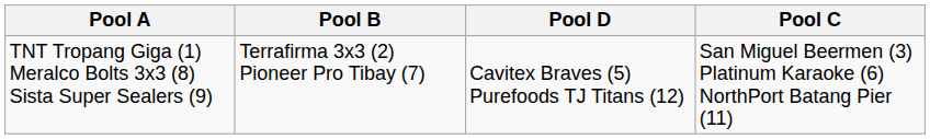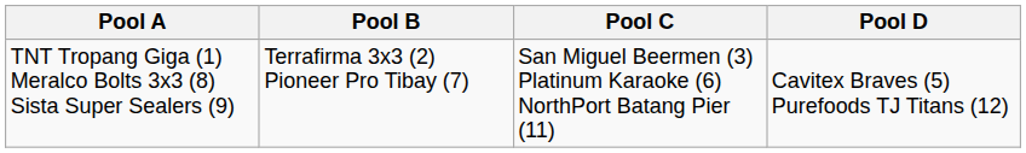 <table class=wikitable width=750>
 <tr>
 <th width=25%>Pool A</th>
 <th width=25%>Pool B</th>
+<th width=25%>Pool C</th>
 <th width=25%>Pool D</th>
-<th width=25%>Pool C</th>
 </tr>
 <tr valign=top>
 <td>TNT Tropang Giga (1) <br> Meralco Bolts 3x3 (8) <br> Sista Super Sealers (9) <br> </td>
 <td>Terrafirma 3x3 (2) <br> Pioneer Pro Tibay (7) <br> </td>
+<td>San Miguel Beermen  (3) <br> Platinum Karaoke (6) <br> NorthPort Batang Pier (11) <br> </td>
 <td> <br> Cavitex Braves (5) <br> Purefoods TJ Titans (12)</td>
-<td>San Miguel Beermen  (3) <br> Platinum Karaoke (6) <br> NorthPort Batang Pier (11) <br> </td>
 </tr>
 </table>
